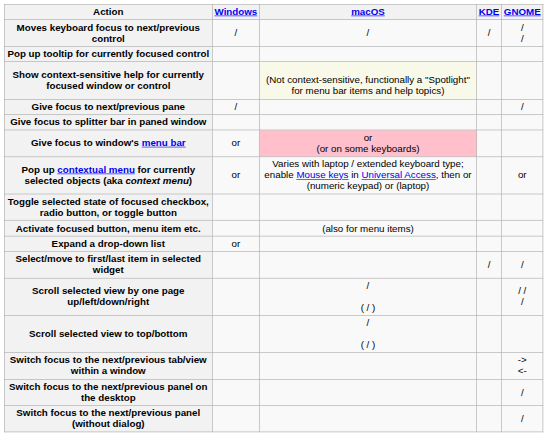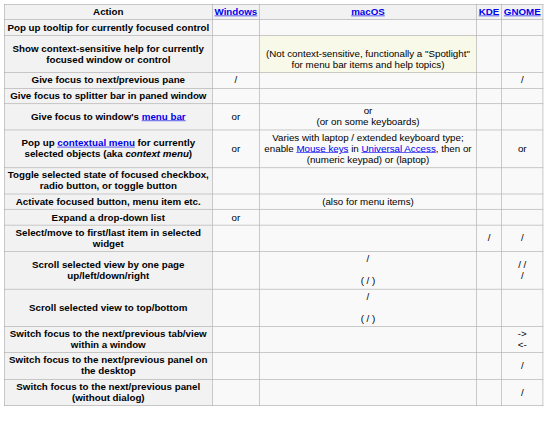 <table class="wikitable" style="width: 100%; text-align: center;">
 <tr>
 <th scope="col">Action</th>
 <th scope="col"><a href='#'>Windows</a></th>
 <th scope="col"><a href='#'>macOS</a></th>
 <th scope="col"><a href='#'>KDE</a></th>
 <th scope="col"><a href='#'>GNOME</a></th>
-</tr>
-<tr>
-<th scope="row">Moves keyboard focus to next/previous control</th>
-<td> / </td>
-<td> / </td>
-<td> / </td>
-<td> / <br> / </td>
 </tr>
 <tr>
 <th scope="row">Pop up tooltip for currently focused control</th>
 <td></td>
 <td></td>
 <td></td>
 <td></td>
 </tr>
 <tr>
 <th scope="row">Show context-sensitive help for currently focused window or control</th>
 <td></td>
 <td style="background: #f9f9e9;"> <br> (Not context-sensitive, functionally a "Spotlight" for menu bar items and help topics)</td>
 <td></td>
 <td></td>
 </tr>
 <tr>
 <th scope="row">Give focus to next/previous pane</th>
 <td> / </td>
 <td><br></td>
 <td></td>
 <td> / </td>
 </tr>
 <tr>
 <th scope="row">Give focus to splitter bar in paned window</th>
 <td></td>
 <td></td>
 <td></td>
 <td></td>
 </tr>
 <tr>
 <th scope="row">Give focus to window's <a href='#'>menu bar</a></th>
 <td> or </td>
-<td style="background: pink;"> or<br> (or  on some keyboards)</td>
+<td> or<br> (or  on some keyboards)</td>
 <td></td>
 <td></td>
 </tr>
 <tr>
 <th scope="row">Pop up <a href='#'>contextual menu</a> for currently selected objects (aka <em>context menu</em>)</th>
 <td> or </td>
 <td>Varies with laptop / extended keyboard type; enable <a href='#'>Mouse keys</a> in <a href='#'>Universal Access</a>, then  or<br> (numeric keypad) or  (laptop)</td>
 <td></td>
 <td> or </td>
 </tr>
 <tr>
 <th scope="row">Toggle selected state of focused checkbox, radio button, or toggle button</th>
 <td></td>
 <td></td>
 <td></td>
 <td></td>
 </tr>
 <tr>
 <th scope="row">Activate focused button, menu item etc.</th>
 <td></td>
 <td> (also  for menu items)</td>
 <td></td>
 <td></td>
 </tr>
 <tr>
 <th scope="row">Expand a drop-down list</th>
 <td> or </td>
 <td></td>
 <td></td>
 <td></td>
 </tr>
 <tr>
 <th scope="row">Select/move to first/last item in selected widget</th>
 <td></td>
 <td></td>
 <td> / </td>
 <td> / </td>
 </tr>
 <tr>
 <th scope="row">Scroll selected view by one page up/left/down/right</th>
 <td></td>
 <td> / <br><br>(  /  )</td>
 <td></td>
 <td> /  /<br>  / </td>
 </tr>
 <tr>
 <th scope="row">Scroll selected view to top/bottom</th>
 <td></td>
 <td> / <br><br>(  /  )</td>
 <td></td>
 <td></td>
 </tr>
 <tr>
 <th scope="row">Switch focus to the next/previous tab/view within a window</th>
 <td></td>
 <td><br><br></td>
 <td></td>
 <td> -><br> <-</td>
 </tr>
 <tr>
 <th scope="row">Switch focus to the next/previous panel on the desktop</th>
 <td></td>
 <td></td>
 <td></td>
 <td> / </td>
 </tr>
 <tr>
 <th scope="row">Switch focus to the next/previous panel (without dialog)</th>
 <td></td>
 <td></td>
 <td></td>
 <td> /<br></td>
 </tr>
 </table>
